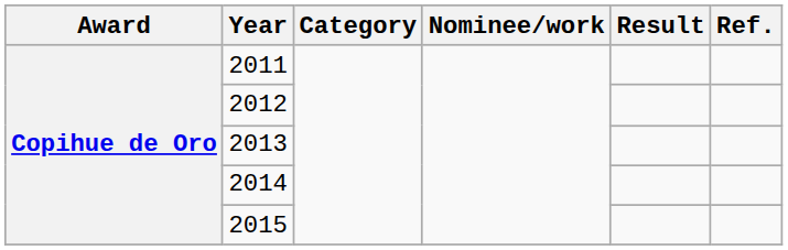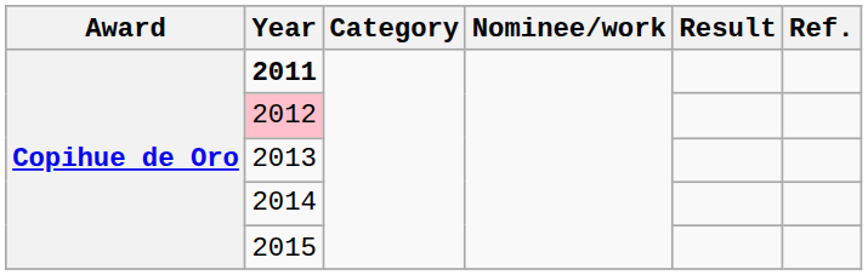 <table class="wikitable plainrowheaders">
 <tr>
 <th>Award</th>
 <th>Year</th>
 <th>Category</th>
 <th>Nominee/work</th>
 <th>Result</th>
 <th>Ref.</th>
 </tr>
 <tr>
 <th rowspan="5" scope="row"><a href='#'>Copihue de Oro</a></th>
-<td>2011</td>
+<td><strong>2011</strong></td>
 <td rowspan="5"></td>
 <td rowspan="5"></td>
 <td></td>
 <td></td>
 </tr>
 <tr>
-<td>2012</td>
+<td style="background: pink;">2012</td>
 <td></td>
 <td></td>
 </tr>
 <tr>
 <td>2013</td>
 <td></td>
 <td></td>
 </tr>
 <tr>
 <td>2014</td>
 <td></td>
 <td></td>
 </tr>
 <tr>
 <td>2015</td>
 <td></td>
 <td></td>
 </tr>
 </table>
